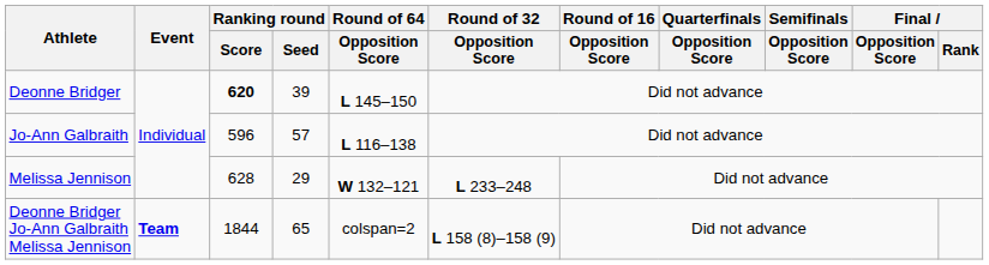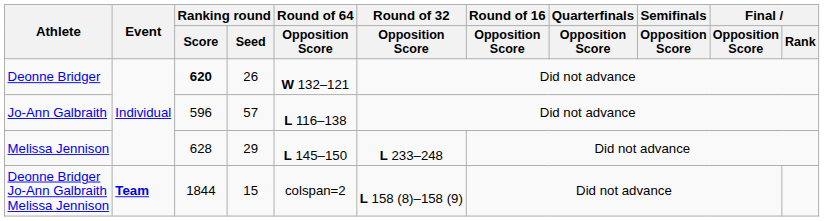 <table class="wikitable" style="font-size:90%">
 <tr>
 <th rowspan="2">Athlete</th>
 <th rowspan="2">Event</th>
 <th colspan="2">Ranking round</th>
 <th>Round of 64</th>
 <th>Round of 32</th>
 <th>Round of 16</th>
 <th>Quarterfinals</th>
 <th>Semifinals</th>
 <th colspan="2">Final / </th>
 </tr>
 <tr style="font-size:95%">
 <th>Score</th>
 <th>Seed</th>
 <th>Opposition<br>Score</th>
 <th>Opposition<br>Score</th>
 <th>Opposition<br>Score</th>
 <th>Opposition<br>Score</th>
 <th>Opposition<br>Score</th>
 <th>Opposition<br>Score</th>
 <th>Rank</th>
 </tr>
 <tr align=center>
 <td align=left><a href='#'>Deonne Bridger</a></td>
 <td align=left rowspan=3><a href='#'>Individual</a></td>
 <td><strong>620</strong></td>
-<td>39</td>
-<td><br><strong>L</strong> 145–150</td>
+<td>26</td>
+<td><br><strong>W</strong> 132–121</td>
 <td colspan=6>Did not advance</td>
 </tr>
 <tr align=center>
 <td align=left><a href='#'>Jo-Ann Galbraith</a></td>
 <td>596</td>
 <td>57</td>
 <td><br><strong>L</strong> 116–138</td>
 <td colspan=6>Did not advance</td>
 </tr>
 <tr align=center>
 <td align=left><a href='#'>Melissa Jennison</a></td>
 <td>628</td>
 <td>29</td>
-<td><br><strong>W</strong> 132–121</td>
+<td><br><strong>L</strong> 145–150</td>
 <td><br><strong>L</strong> 233–248</td>
 <td colspan=5>Did not advance</td>
 </tr>
 <tr align=center>
 <td align=left><a href='#'>Deonne Bridger</a><br><a href='#'>Jo-Ann Galbraith</a><br><a href='#'>Melissa Jennison</a></td>
 <td align=left><strong><a href='#'>Team</a></strong></td>
 <td>1844</td>
-<td>65</td>
+<td>15</td>
 <td>colspan=2 </td>
 <td><br><strong>L</strong> 158 (8)–158 (9)</td>
 <td colspan=4>Did not advance</td>
 </tr>
 </table>
